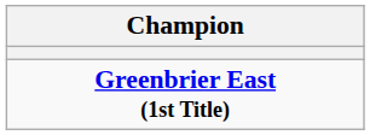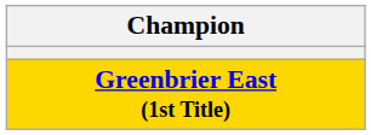 <table class="wikitable" style="margin: 0 auto; width: 220px;">
 <tr>
 <th>Champion</th>
 </tr>
 <tr>
 <th></th>
 </tr>
 <tr>
-<td align="center"><strong><a href='#'>Greenbrier East</a></strong><br><small><strong>(1st Title)</strong></small></td>
+<td align="center" style="background: gold;"><strong><a href='#'>Greenbrier East</a></strong><br><small><strong>(1st Title)</strong></small></td>
 </tr>
 </table>
